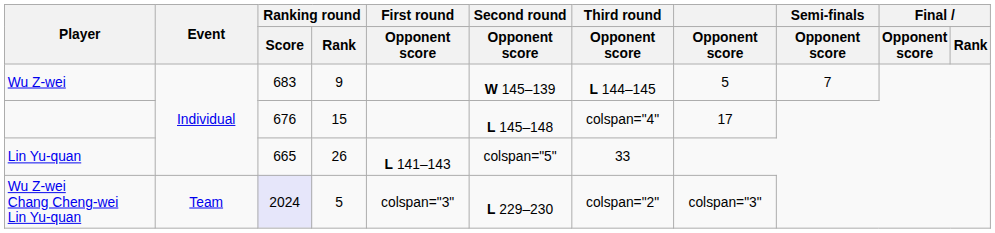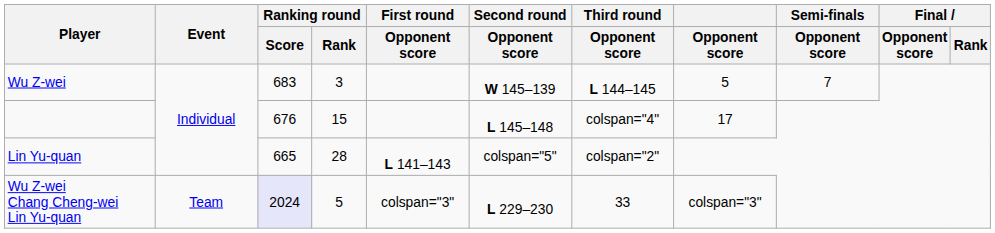 <table class="wikitable" style="font-size:90%; text-align:center">
 <tr>
 <th rowspan="2" width="150">Player</th>
 <th rowspan="2" width="100">Event</th>
 <th colspan="2">Ranking round</th>
 <th width="100">First round</th>
 <th width="100">Second round</th>
 <th width="100">Third round</th>
 <th width="100"></th>
 <th width="100">Semi-finals</th>
 <th colspan="2" width="100">Final / </th>
 </tr>
 <tr>
 <th width="50">Score</th>
 <th width="50">Rank</th>
 <th>Opponent<br>score</th>
 <th>Opponent<br>score</th>
 <th>Opponent<br>score</th>
 <th>Opponent<br>score</th>
 <th>Opponent<br>score</th>
 <th>Opponent<br>score</th>
 <th>Rank</th>
 </tr>
 <tr>
 <td align="left"><a href='#'>Wu Z-wei</a></td>
 <td rowspan="3"><a href='#'>Individual</a></td>
 <td>683</td>
-<td>9</td>
+<td>3</td>
 <td></td>
 <td><br><strong>W</strong> 145–139</td>
 <td><br><strong>L</strong> 144–145</td>
 <td>5</td>
 <td>7</td>
 </tr>
 <tr>
 <td align="left"></td>
 <td>676</td>
 <td>15</td>
 <td></td>
 <td><br><strong>L</strong> 145–148</td>
 <td>colspan="4" </td>
 <td>17</td>
 </tr>
 <tr>
 <td align="left"><a href='#'>Lin Yu-quan</a></td>
 <td>665</td>
-<td>26</td>
+<td>28</td>
 <td><br><strong>L</strong> 141–143</td>
 <td>colspan="5" </td>
-<td>33</td>
+<td>colspan="2" </td>
 </tr>
 <tr>
 <td align="left"><a href='#'>Wu Z-wei</a><br><a href='#'>Chang Cheng-wei</a><br><a href='#'>Lin Yu-quan</a></td>
 <td><a href='#'>Team</a></td>
 <td style="background: lavender;">2024</td>
 <td>5</td>
 <td>colspan="3" </td>
 <td><br><strong>L</strong> 229–230</td>
-<td>colspan="2" </td>
+<td>33</td>
 <td>colspan="3" </td>
 </tr>
 </table>
